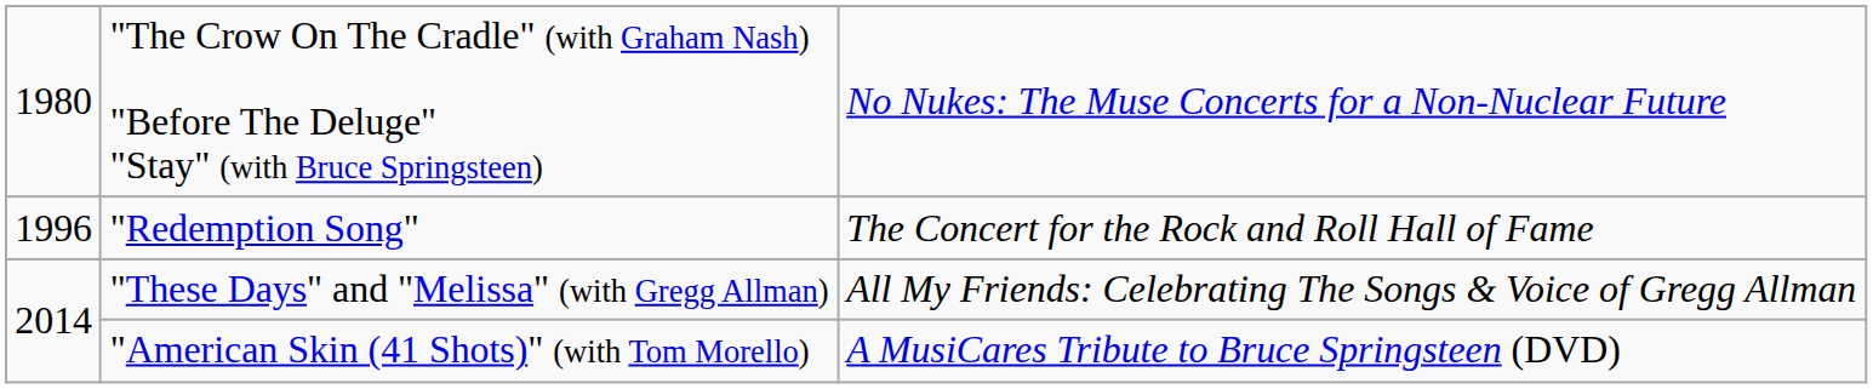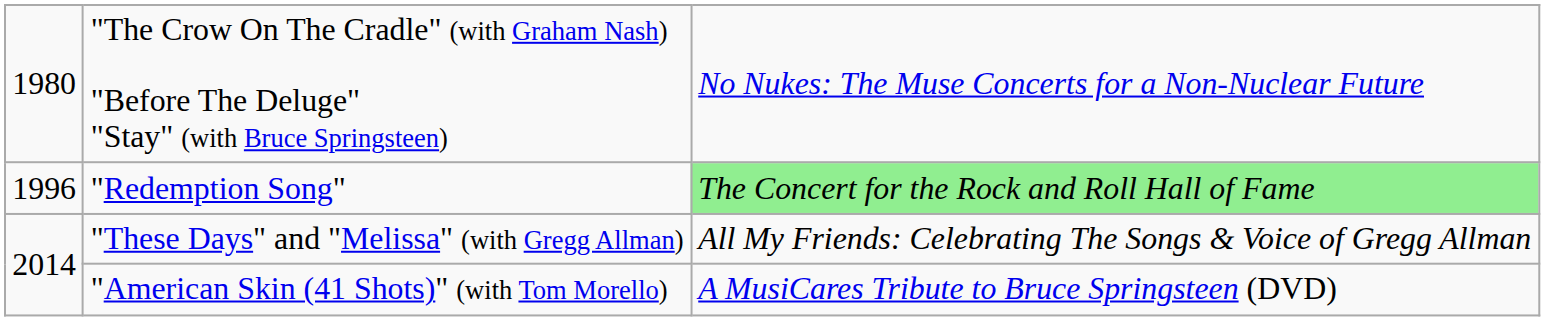 <table class="wikitable">
 <tr>
 <td>1980</td>
 <td>"The Crow On The Cradle" <small>(with <a href='#'>Graham Nash</a>)</small><br><br>"Before The Deluge"<br> "Stay" <small> (with <a href='#'>Bruce Springsteen</a>)</small><br></td>
 <td><em><a href='#'>No Nukes: The Muse Concerts for a Non-Nuclear Future</a></em></td>
 </tr>
 <tr>
 <td>1996</td>
 <td>"<a href='#'>Redemption Song</a>"</td>
-<td><em>The Concert for the Rock and Roll Hall of Fame</em></td>
+<td style="background: lightgreen;"><em>The Concert for the Rock and Roll Hall of Fame</em></td>
 </tr>
 <tr>
 <td rowspan="2">2014</td>
 <td>"<a href='#'>These Days</a>" and "<a href='#'>Melissa</a>" <small>(with <a href='#'>Gregg Allman</a>)</small></td>
 <td><em>All My Friends: Celebrating The Songs & Voice of Gregg Allman</em></td>
 </tr>
 <tr>
 <td>"<a href='#'>American Skin (41 Shots)</a>" <small>(with <a href='#'>Tom Morello</a>)</small></td>
 <td><em><a href='#'>A MusiCares Tribute to Bruce Springsteen</a></em> (DVD)</td>
 </tr>
 </table>
